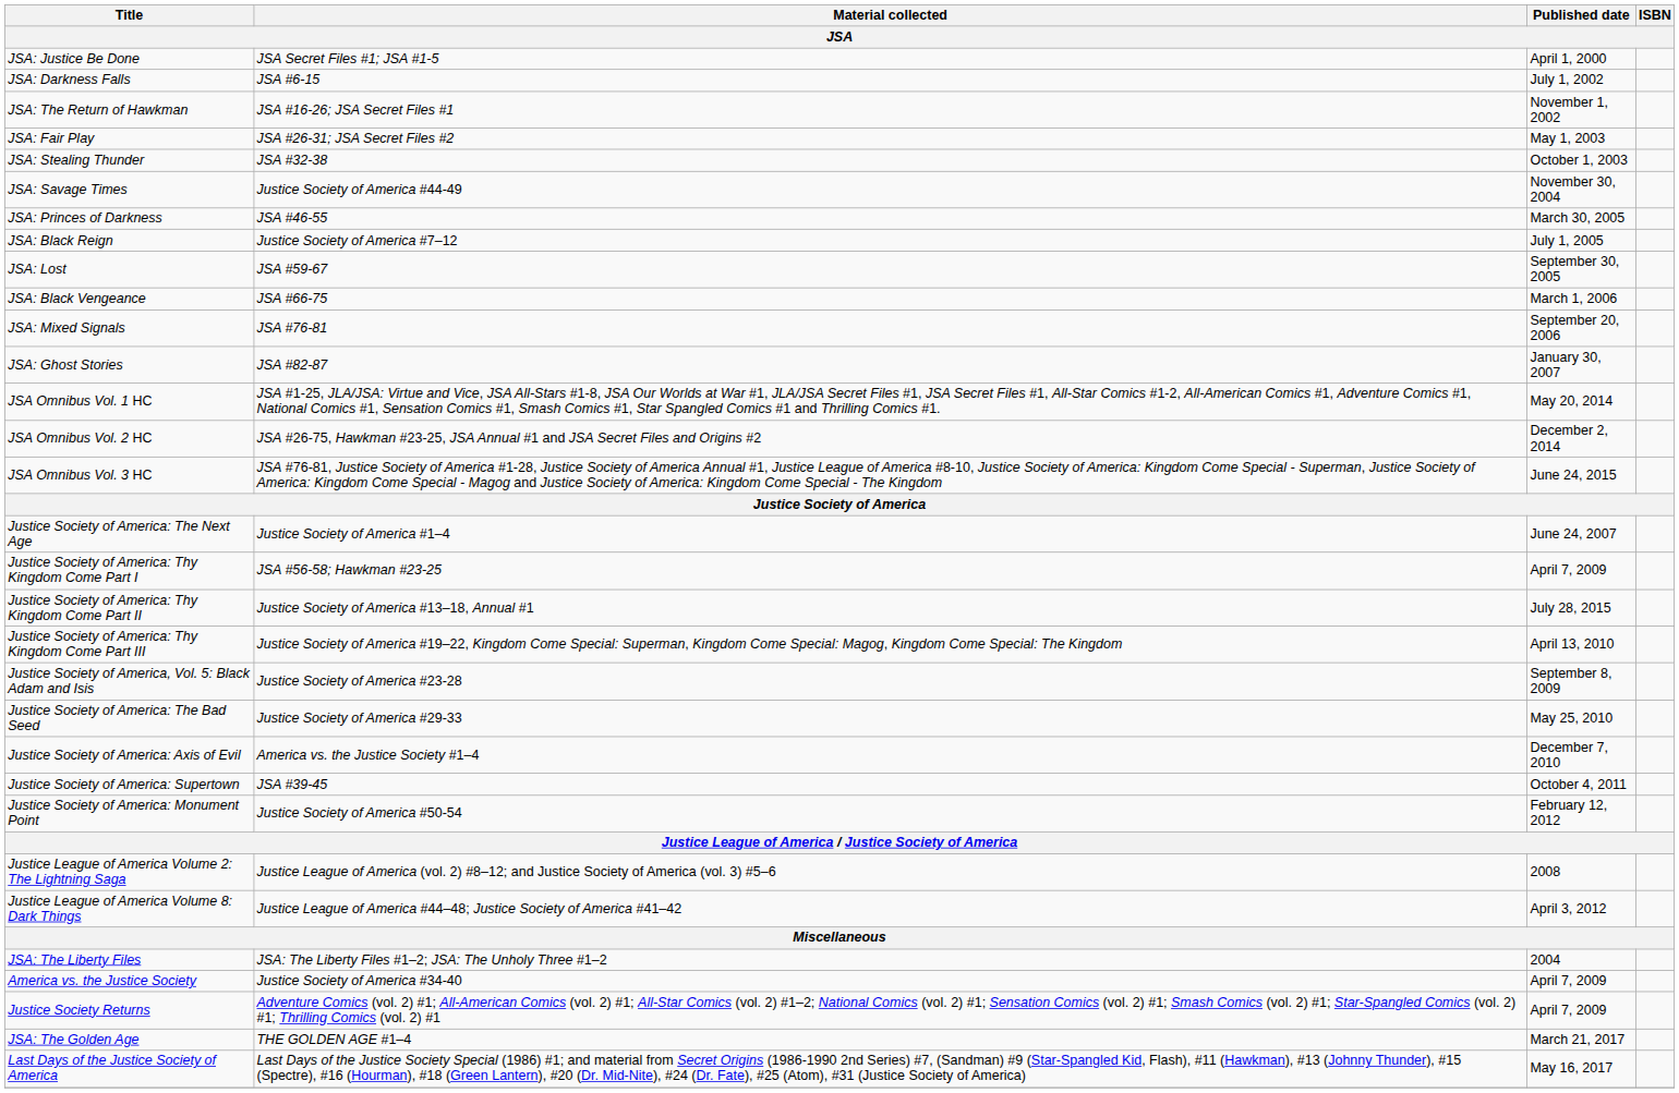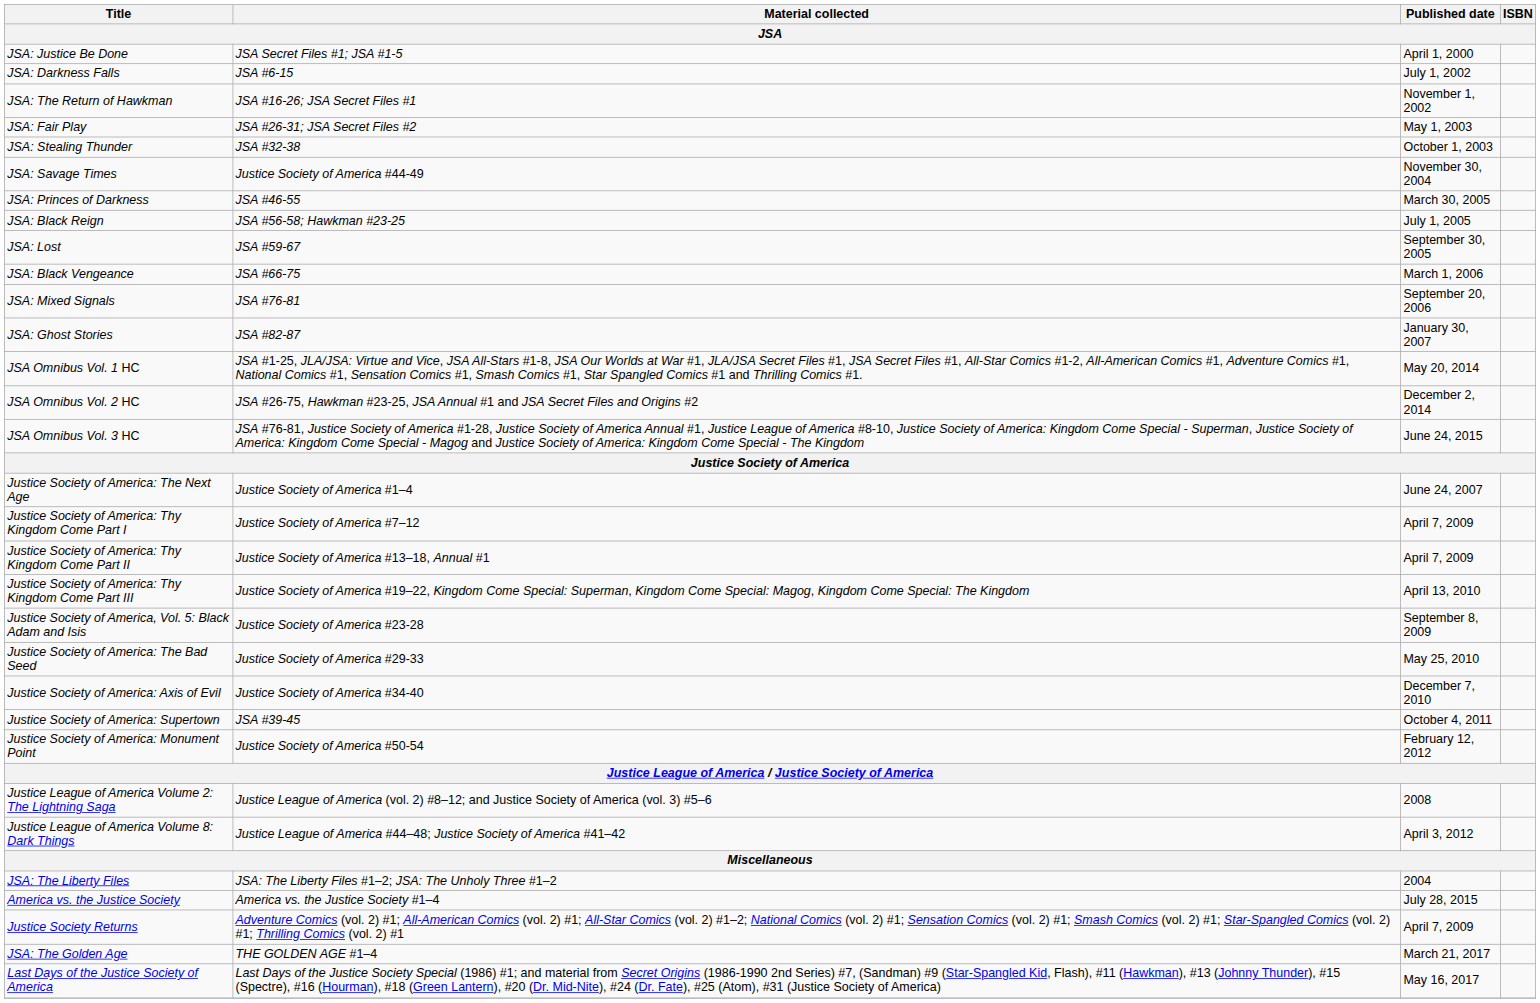 <table class="wikitable sortable" width=99%>
 <tr>
 <th>Title</th>
 <th>Material collected</th>
 <th>Published date</th>
 <th>ISBN</th>
 </tr>
 <tr>
 <th colspan="4"><em>JSA</em></th>
 </tr>
 <tr>
 <td><em>JSA: Justice Be Done</em></td>
 <td><em>JSA Secret Files #1; JSA #1-5</em></td>
 <td>April 1, 2000</td>
 <td></td>
 </tr>
 <tr>
 <td><em>JSA: Darkness Falls</em></td>
 <td><em>JSA #6-15</em></td>
 <td>July 1, 2002</td>
 <td></td>
 </tr>
 <tr>
 <td><em>JSA: The Return of Hawkman</em></td>
 <td><em>JSA #16-26; JSA Secret Files #1</em></td>
 <td>November 1, 2002</td>
 <td></td>
 </tr>
 <tr>
 <td><em>JSA: Fair Play</em></td>
 <td><em>JSA #26-31; JSA Secret Files #2</em></td>
 <td>May 1, 2003</td>
 <td></td>
 </tr>
 <tr>
 <td><em>JSA: Stealing Thunder</em></td>
 <td><em>JSA #32-38</em></td>
 <td>October 1, 2003</td>
 <td></td>
 </tr>
 <tr>
 <td><em>JSA: Savage Times</em></td>
 <td><em>Justice Society of America</em> #44-49</td>
 <td>November 30, 2004</td>
 <td></td>
 </tr>
 <tr>
 <td><em>JSA: Princes of Darkness</em></td>
 <td><em>JSA #46-55</em></td>
 <td>March 30, 2005</td>
 <td></td>
 </tr>
 <tr>
 <td><em>JSA: Black Reign</em></td>
-<td><em>Justice Society of America</em> #7–12</td>
+<td><em>JSA #56-58; Hawkman #23-25</em></td>
 <td>July 1, 2005</td>
 <td></td>
 </tr>
 <tr>
 <td><em>JSA: Lost</em></td>
 <td><em>JSA #59-67</em></td>
 <td>September 30, 2005</td>
 <td></td>
 </tr>
 <tr>
 <td><em>JSA: Black Vengeance</em></td>
 <td><em>JSA #66-75</em></td>
 <td>March 1, 2006</td>
 <td></td>
 </tr>
 <tr>
 <td><em>JSA: Mixed Signals</em></td>
 <td><em>JSA #76-81</em></td>
 <td>September 20, 2006</td>
 <td></td>
 </tr>
 <tr>
 <td><em>JSA: Ghost Stories</em></td>
 <td><em>JSA #82-87</em></td>
 <td>January 30, 2007</td>
 <td></td>
 </tr>
 <tr>
 <td><em>JSA Omnibus Vol. 1</em> HC</td>
 <td><em>JSA</em> #1-25, <em>JLA/JSA: Virtue and Vice</em>, <em>JSA All-Stars</em> #1-8, <em>JSA Our Worlds at War</em> #1, <em>JLA/JSA Secret Files</em> #1, <em>JSA Secret Files</em> #1, <em>All-Star Comics</em> #1-2, <em>All-American Comics</em> #1, <em>Adventure Comics</em> #1, <em>National Comics</em> #1, <em>Sensation Comics</em> #1, <em>Smash Comics</em> #1, <em>Star Spangled Comics</em> #1 and <em>Thrilling Comics</em> #1.</td>
 <td>May 20, 2014</td>
 <td></td>
 </tr>
 <tr>
 <td><em>JSA Omnibus Vol. 2</em> HC</td>
 <td><em>JSA</em> #26-75, <em>Hawkman</em> #23-25, <em>JSA Annual</em> #1 and <em> JSA Secret Files and Origins</em> #2</td>
 <td>December 2, 2014</td>
 <td></td>
 </tr>
 <tr>
 <td><em>JSA Omnibus Vol. 3</em> HC</td>
 <td><em>JSA</em> #76-81, <em>Justice Society of America</em> #1-28, <em>Justice Society of America Annual</em> #1, <em>Justice League of America</em> #8-10, <em>Justice Society of America: Kingdom Come Special - Superman</em>, <em>Justice Society of America: Kingdom Come Special - Magog</em> and <em>Justice Society of America: Kingdom Come Special - The Kingdom</em></td>
 <td>June 24, 2015</td>
 <td></td>
 </tr>
 <tr>
 <th colspan="4"><em>Justice Society of America</em></th>
 </tr>
 <tr>
 <td><em>Justice Society of America: The Next Age</em></td>
 <td><em>Justice Society of America</em> #1–4</td>
 <td>June 24, 2007</td>
 <td></td>
 </tr>
 <tr>
 <td><em>Justice Society of America: Thy Kingdom Come Part I</em></td>
-<td><em>JSA #56-58; Hawkman #23-25</em></td>
+<td><em>Justice Society of America</em> #7–12</td>
 <td>April 7, 2009</td>
 <td></td>
 </tr>
 <tr>
 <td><em>Justice Society of America: Thy Kingdom Come Part II</em></td>
 <td><em>Justice Society of America</em> #13–18, <em>Annual</em> #1</td>
-<td>July 28, 2015</td>
+<td>April 7, 2009</td>
 <td></td>
 </tr>
 <tr>
 <td><em>Justice Society of America: Thy Kingdom Come Part III</em></td>
 <td><em>Justice Society of America</em> #19–22, <em>Kingdom Come Special: Superman</em>, <em>Kingdom Come Special: Magog</em>, <em>Kingdom Come Special: The Kingdom</em></td>
 <td>April 13, 2010</td>
 <td></td>
 </tr>
 <tr>
 <td><em>Justice Society of America, Vol. 5: Black Adam and Isis</em></td>
 <td><em>Justice Society of America</em> #23-28</td>
 <td>September 8, 2009</td>
 <td></td>
 </tr>
 <tr>
 <td><em>Justice Society of America: The Bad Seed</em></td>
 <td><em>Justice Society of America</em> #29-33</td>
 <td>May 25, 2010</td>
 <td></td>
 </tr>
 <tr>
 <td><em>Justice Society of America: Axis of Evil</em></td>
-<td><em>America vs. the Justice Society</em> #1–4</td>
+<td><em>Justice Society of America</em> #34-40</td>
 <td>December 7, 2010</td>
 <td></td>
 </tr>
 <tr>
 <td><em>Justice Society of America: Supertown</em></td>
 <td><em>JSA #39-45</em></td>
 <td>October 4, 2011</td>
 <td></td>
 </tr>
 <tr>
 <td><em>Justice Society of America: Monument Point</em></td>
 <td><em>Justice Society of America</em> #50-54</td>
 <td>February 12, 2012</td>
 <td></td>
 </tr>
 <tr>
 <th colspan="6"><em><a href='#'>Justice League of America</a> / <a href='#'>Justice Society of America</a></em></th>
 </tr>
 <tr>
 <td><em>Justice League of America Volume 2: <a href='#'>The Lightning Saga</a></em></td>
 <td><em>Justice League of America</em> (vol. 2) #8–12; and Justice Society of America (vol. 3) #5–6</td>
 <td>2008</td>
 <td></td>
 </tr>
 <tr>
 <td><em>Justice League of America Volume 8: <a href='#'>Dark Things</a></em></td>
 <td><em>Justice League of America</em> #44–48; <em>Justice Society of America</em> #41–42</td>
 <td>April 3, 2012</td>
 <td></td>
 </tr>
 <tr>
 <th colspan="6"><em>Miscellaneous</em></th>
 </tr>
 <tr>
 <td><em><a href='#'>JSA: The Liberty Files</a></em></td>
 <td><em>JSA: The Liberty Files</em> #1–2; <em>JSA: The Unholy Three</em> #1–2</td>
 <td>2004</td>
 <td></td>
 </tr>
 <tr>
 <td><em><a href='#'>America vs. the Justice Society</a></em></td>
-<td><em>Justice Society of America</em> #34-40</td>
-<td>April 7, 2009</td>
+<td><em>America vs. the Justice Society</em> #1–4</td>
+<td>July 28, 2015</td>
 <td></td>
 </tr>
 <tr>
 <td><em><a href='#'>Justice Society Returns</a></em></td>
 <td><em><a href='#'>Adventure Comics</a></em> (vol. 2) #1; <em><a href='#'>All-American Comics</a></em> (vol. 2) #1; <em><a href='#'>All-Star Comics</a></em> (vol. 2) #1–2; <em><a href='#'>National Comics</a></em> (vol. 2) #1; <em><a href='#'>Sensation Comics</a></em> (vol. 2) #1; <em><a href='#'>Smash Comics</a></em> (vol. 2) #1; <em><a href='#'>Star-Spangled Comics</a></em> (vol. 2) #1; <em><a href='#'>Thrilling Comics</a></em> (vol. 2) #1</td>
 <td>April 7, 2009</td>
 <td></td>
 </tr>
 <tr>
 <td><em><a href='#'>JSA: The Golden Age</a></em></td>
 <td><em>THE GOLDEN AGE</em> #1–4</td>
 <td>March 21, 2017</td>
 <td></td>
 </tr>
 <tr>
 <td><em><a href='#'>Last Days of the Justice Society of America</a></em></td>
 <td><em>Last Days of the Justice Society Special</em> (1986) #1; and material from <em><a href='#'>Secret Origins</a></em> (1986-1990 2nd Series) #7, (Sandman) #9 (<a href='#'>Star-Spangled Kid</a>, Flash), #11 (<a href='#'>Hawkman</a>), #13 (<a href='#'>Johnny Thunder</a>), #15 (Spectre), #16 (<a href='#'>Hourman</a>), #18 (<a href='#'>Green Lantern</a>), #20 (<a href='#'>Dr. Mid-Nite</a>), #24 (<a href='#'>Dr. Fate</a>), #25 (Atom), #31 (Justice Society of America)</td>
 <td>May 16, 2017</td>
 <td></td>
 </tr>
 <tr>
 </tr>
 </table>
